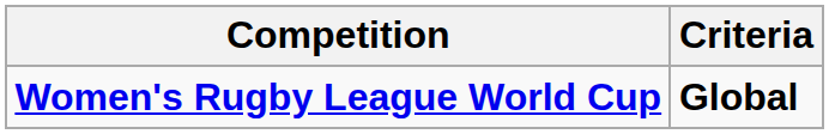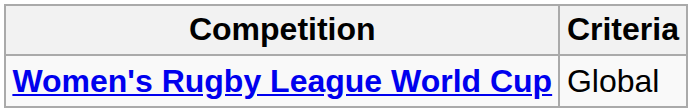 <table class="wikitable">
 <tr>
 <th>Competition</th>
 <th>Criteria</th>
 </tr>
 <tr>
 <td><strong><a href='#'>Women's Rugby League World Cup</a></strong></td>
-<td><strong>Global</strong></td>
+<td>Global</td>
 </tr>
 </table>
